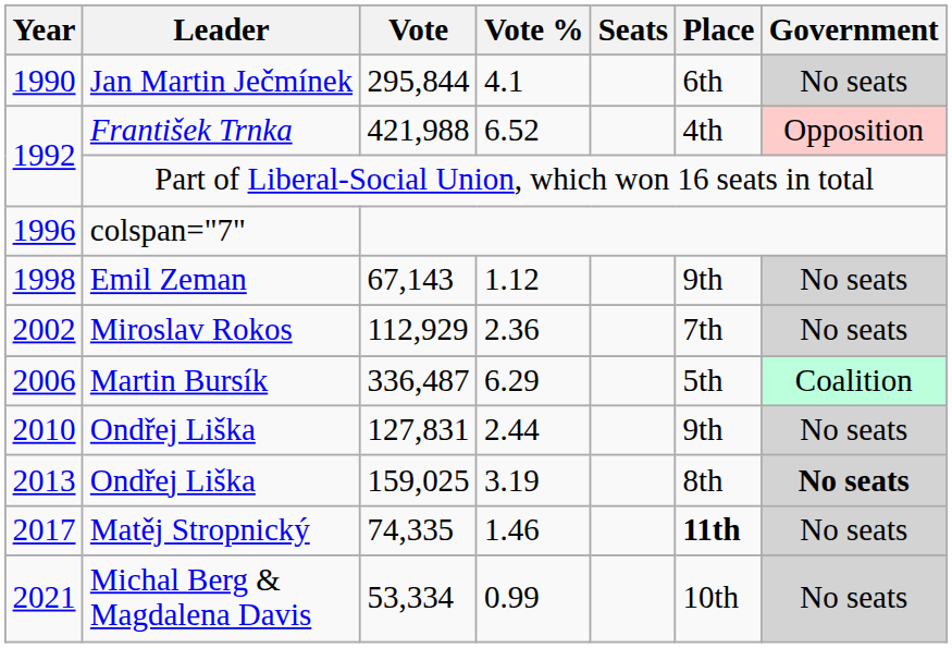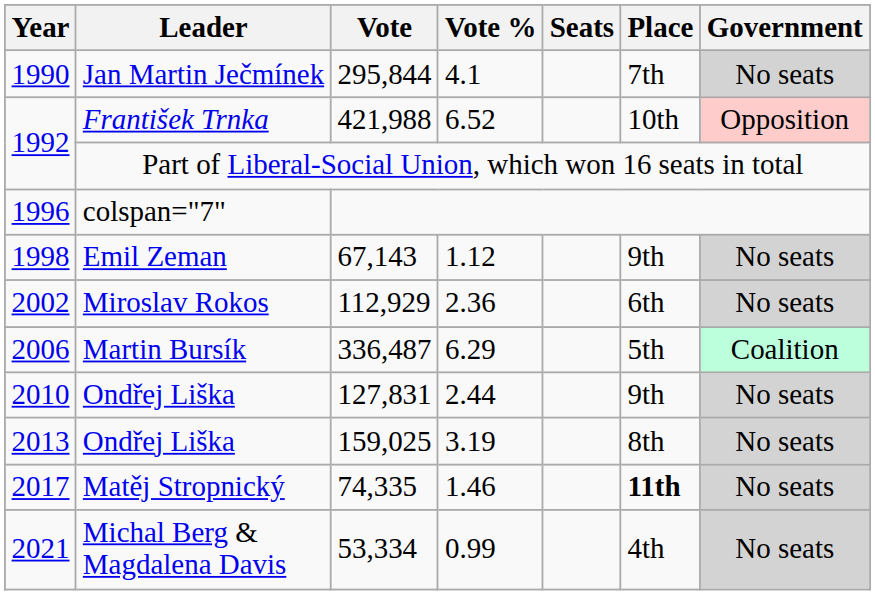 <table class="wikitable">
 <tr>
 <th>Year</th>
 <th>Leader</th>
 <th>Vote</th>
 <th>Vote %</th>
 <th>Seats</th>
 <th>Place</th>
 <th>Government</th>
 </tr>
 <tr>
 <td><a href='#'>1990</a></td>
 <td><a href='#'>Jan Martin Ječmínek</a></td>
 <td>295,844</td>
 <td>4.1</td>
 <td></td>
-<td>6th</td>
+<td>7th</td>
 <td style="background:Lightgray;" align=center>No seats</td>
 </tr>
 <tr>
 <td rowspan=2><a href='#'>1992</a></td>
 <td><em><a href='#'>František Trnka</a></em></td>
 <td>421,988</td>
 <td>6.52</td>
 <td></td>
-<td>4th</td>
+<td>10th</td>
 <td style="background:#fcc;" align=center>Opposition</td>
 </tr>
 <tr>
 <td colspan=6 align=center>Part of <a href='#'>Liberal-Social Union</a>, which won 16 seats in total</td>
 </tr>
 <tr>
 <td><a href='#'>1996</a></td>
 <td>colspan="7" </td>
 </tr>
 <tr>
 <td><a href='#'>1998</a></td>
 <td><a href='#'>Emil Zeman</a></td>
 <td>67,143</td>
 <td>1.12</td>
 <td></td>
 <td>9th</td>
 <td style="background:Lightgray;" align=center>No seats</td>
 </tr>
 <tr>
 <td><a href='#'>2002</a></td>
 <td><a href='#'>Miroslav Rokos</a></td>
 <td>112,929</td>
 <td>2.36</td>
 <td></td>
-<td>7th</td>
+<td>6th</td>
 <td style="background:Lightgray;" align=center>No seats</td>
 </tr>
 <tr>
 <td><a href='#'>2006</a></td>
 <td><a href='#'>Martin Bursík</a></td>
 <td>336,487</td>
 <td>6.29</td>
 <td></td>
 <td>5th</td>
 <td style="background:#bfd;" align=center>Coalition</td>
 </tr>
 <tr>
 <td><a href='#'>2010</a></td>
 <td><a href='#'>Ondřej Liška</a></td>
 <td>127,831</td>
 <td>2.44</td>
 <td></td>
 <td>9th</td>
 <td style="background:Lightgray;" align=center>No seats</td>
 </tr>
 <tr>
 <td><a href='#'>2013</a></td>
 <td><a href='#'>Ondřej Liška</a></td>
 <td>159,025</td>
 <td>3.19</td>
 <td></td>
 <td>8th</td>
-<td style="background:Lightgray;" align=center><strong>No seats</strong></td>
+<td style="background:Lightgray;" align=center>No seats</td>
 </tr>
 <tr>
 <td><a href='#'>2017</a></td>
 <td><a href='#'>Matěj Stropnický</a></td>
 <td>74,335</td>
 <td>1.46</td>
 <td></td>
 <td><strong>11th</strong></td>
 <td style="background:Lightgray;" align=center>No seats</td>
 </tr>
 <tr>
 <td><a href='#'>2021</a></td>
 <td><a href='#'>Michal Berg</a> &<br><a href='#'>Magdalena Davis</a></td>
 <td>53,334</td>
 <td>0.99</td>
 <td></td>
-<td>10th</td>
+<td>4th</td>
 <td style="background:Lightgray;" align=center>No seats</td>
 </tr>
 </table>
